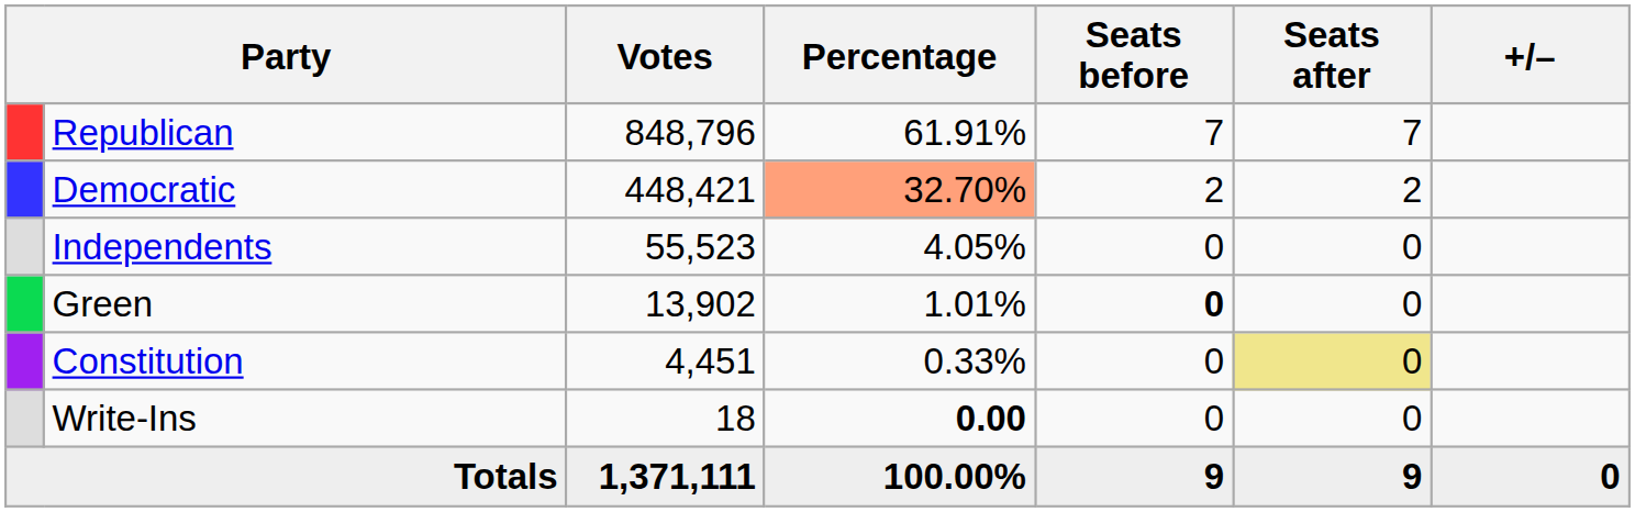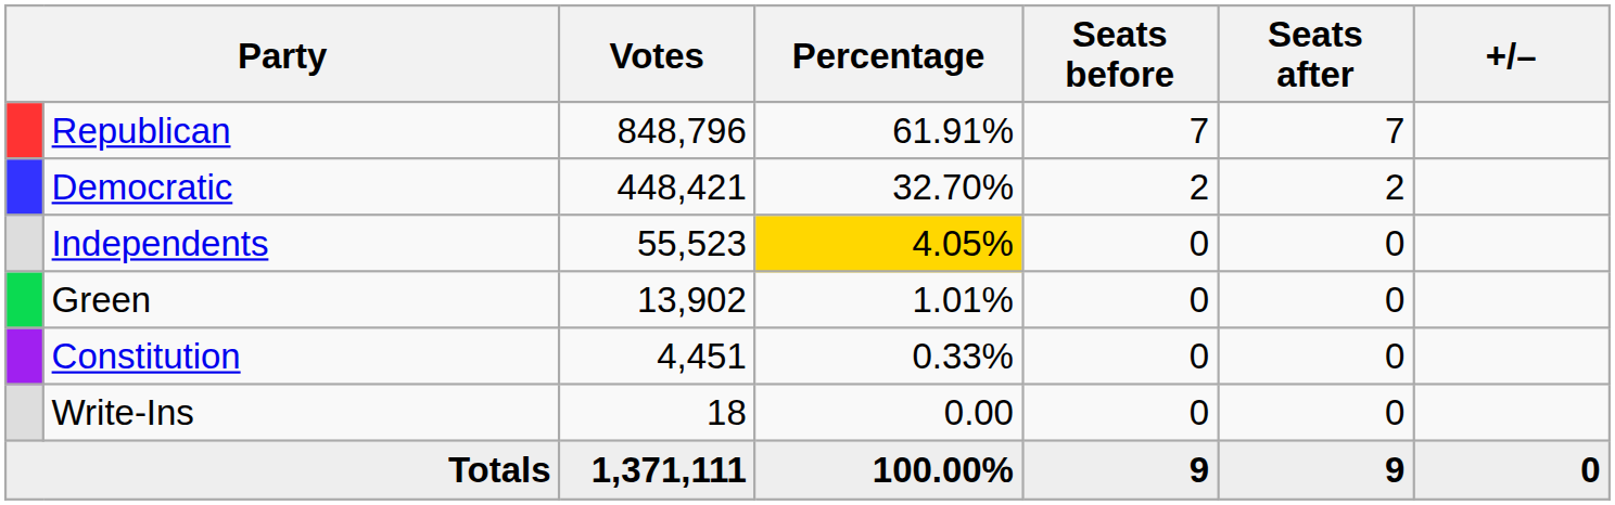 <table class="wikitable" style="font-size: 95%;">
 <tr>
 <th colspan=2 style="width: 15em">Party</th>
 <th style="width: 5em">Votes</th>
 <th style="width: 7em">Percentage</th>
 <th style="width: 5em">Seats before</th>
 <th style="width: 5em">Seats after</th>
 <th style="width: 5em">+/–</th>
 </tr>
 <tr>
 <th style="background:#f33; width:3px;"></th>
 <td style="width: 130px"><a href='#'>Republican</a></td>
 <td style="text-align:right;">848,796</td>
 <td style="text-align:right;">61.91%</td>
 <td style="text-align:right;">7</td>
 <td style="text-align:right;">7</td>
 <td style="text-align:right;"></td>
 </tr>
 <tr>
 <th style="background:#33f; width:3px;"></th>
 <td style="width: 130px"><a href='#'>Democratic</a></td>
 <td style="text-align:right;">448,421</td>
-<td style="background: lightsalmon; text-align:right;">32.70%</td>
+<td style="text-align:right;">32.70%</td>
 <td style="text-align:right;">2</td>
 <td style="text-align:right;">2</td>
 <td style="text-align:right;"></td>
 </tr>
 <tr>
 <th style="background:#ddd; width:3px;"></th>
 <td style="width: 130px"><a href='#'>Independents</a></td>
 <td style="text-align:right;">55,523</td>
-<td style="text-align:right;">4.05%</td>
+<td style="background: gold; text-align:right;">4.05%</td>
 <td style="text-align:right;">0</td>
 <td style="text-align:right;">0</td>
 <td style="text-align:right;"></td>
 </tr>
 <tr>
 <th style="background:#0bda51; width:3px;"></th>
 <td style="width: 130px">Green</td>
 <td style="text-align:right;">13,902</td>
 <td style="text-align:right;">1.01%</td>
-<td style="text-align:right;"><strong>0</strong></td>
+<td style="text-align:right;">0</td>
 <td style="text-align:right;">0</td>
 <td style="text-align:right;"></td>
 </tr>
 <tr>
 <th style="background:#A020F0; width:3px;"></th>
 <td style="width: 130px"><a href='#'>Constitution</a></td>
 <td style="text-align:right;">4,451</td>
 <td style="text-align:right;">0.33%</td>
 <td style="text-align:right;">0</td>
-<td style="background: khaki; text-align:right;">0</td>
+<td style="text-align:right;">0</td>
 <td style="text-align:right;"></td>
 </tr>
 <tr>
 <th style="background-color:#DDDDDD; width: 3px"></th>
 <td style="width: 130px">Write-Ins</td>
 <td align="right">18</td>
-<td align="right"><strong>0.00</strong></td>
+<td align="right">0.00</td>
 <td align="right">0</td>
 <td style="text-align:right;">0</td>
 <td align="right"></td>
 </tr>
 <tr style="background:#eee; text-align:right;">
 <td colspan="2"><strong>Totals</strong></td>
 <td><strong>1,371,111</strong></td>
 <td><strong>100.00%</strong></td>
 <td><strong>9</strong></td>
 <td><strong>9</strong></td>
 <td><strong>0</strong></td>
 </tr>
 </table>
